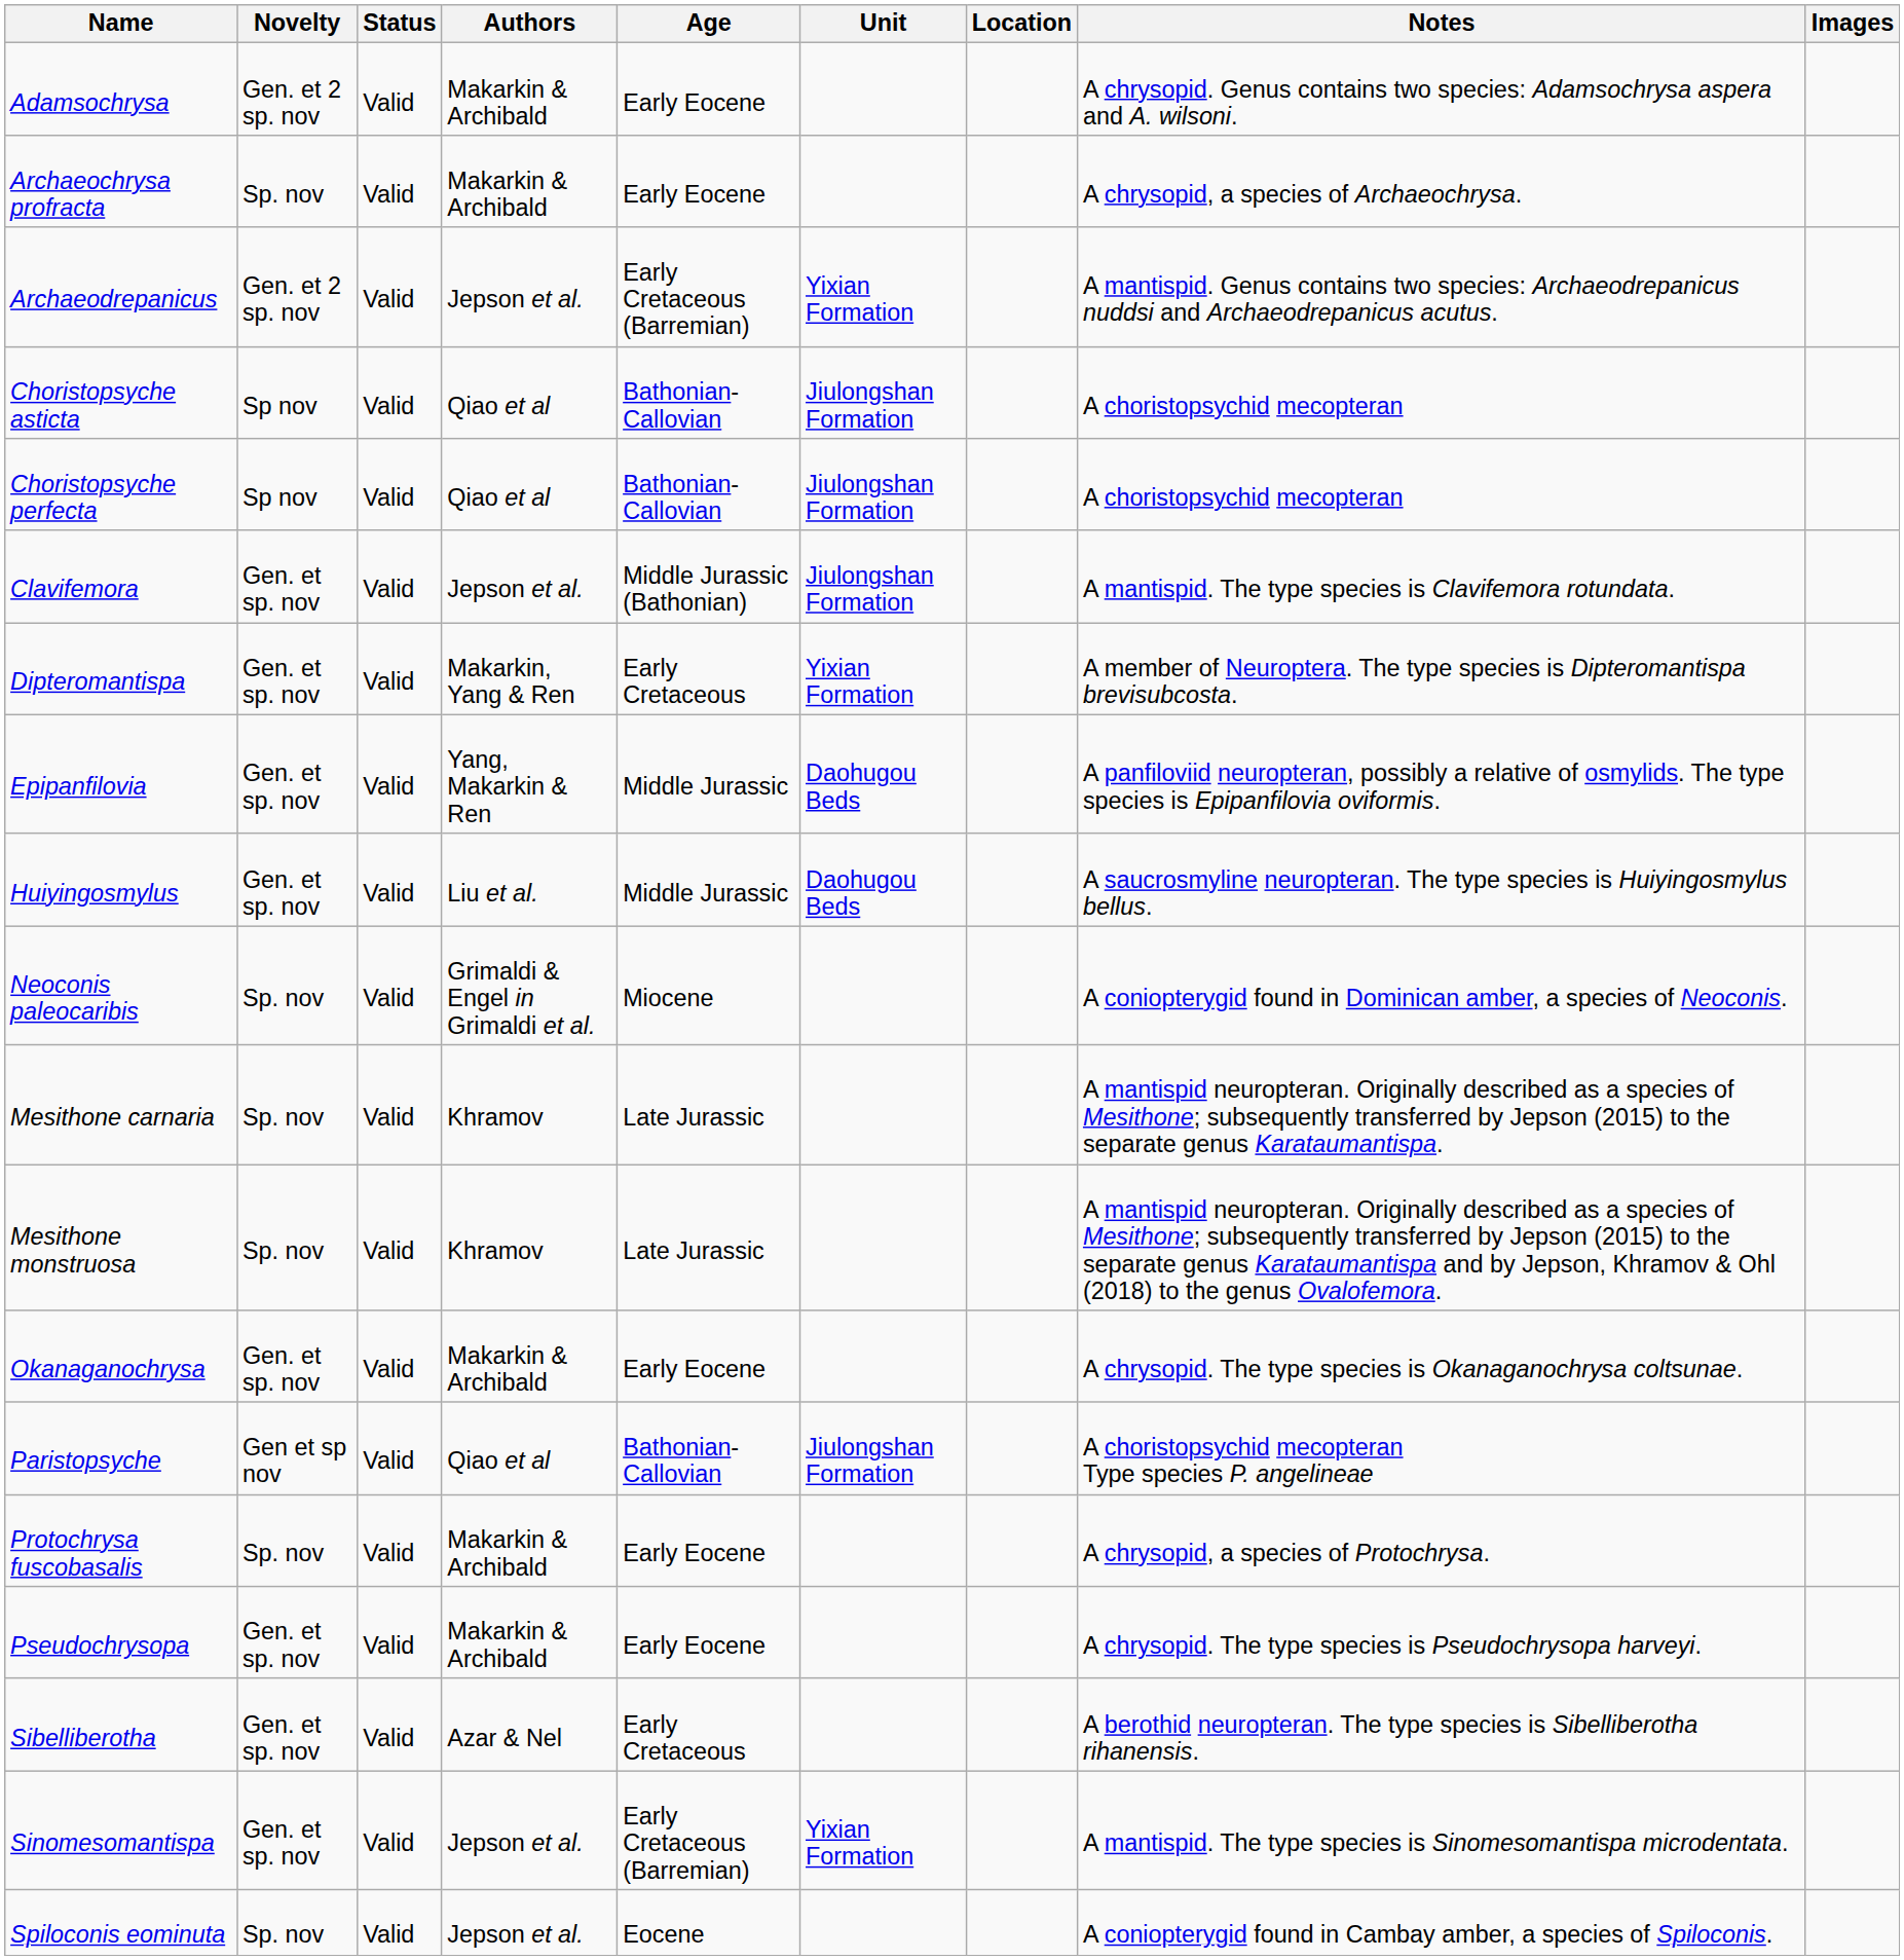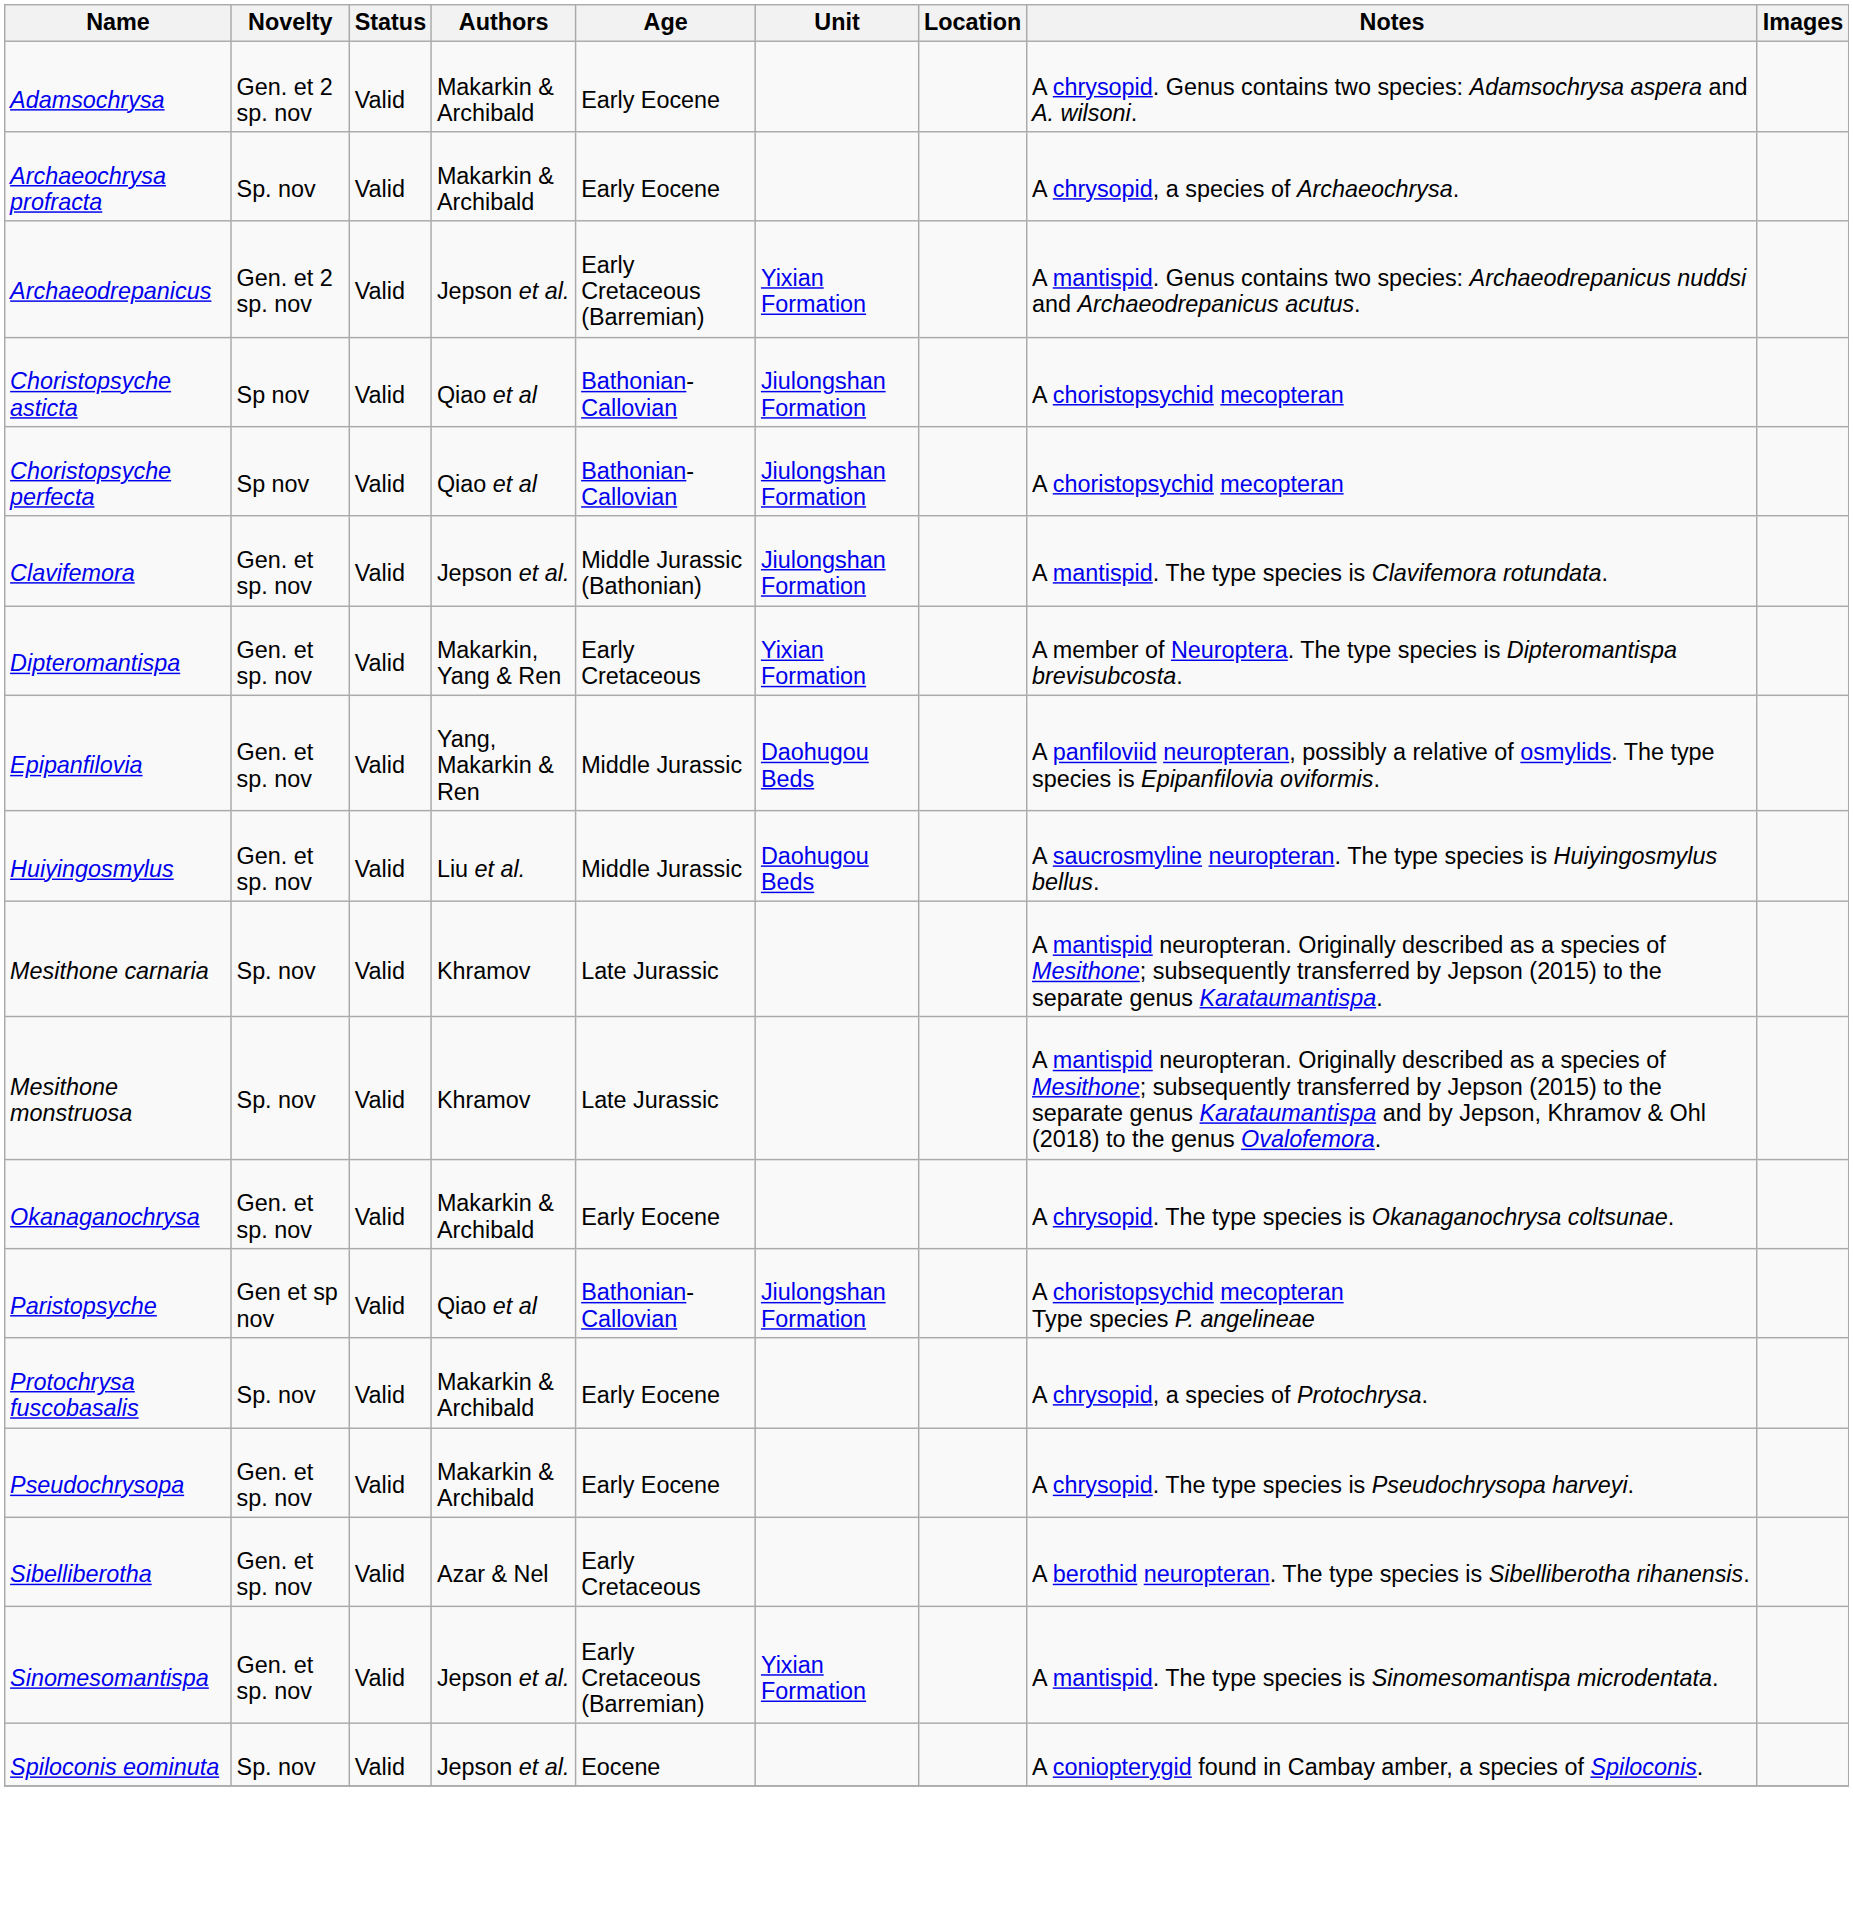 <table class="wikitable sortable" align="center" width="100%">
 <tr>
 <th>Name</th>
 <th>Novelty</th>
 <th>Status</th>
 <th>Authors</th>
 <th>Age</th>
 <th>Unit</th>
 <th>Location</th>
 <th>Notes</th>
 <th>Images</th>
 </tr>
 <tr>
 <td><br><em><a href='#'>Adamsochrysa</a></em></td>
 <td><br>Gen. et 2 sp. nov</td>
 <td><br>Valid</td>
 <td><br>Makarkin & Archibald</td>
 <td><br>Early Eocene</td>
 <td></td>
 <td><br><br> </td>
 <td><br>A <a href='#'>chrysopid</a>. Genus contains two species: <em>Adamsochrysa aspera</em> and <em>A. wilsoni</em>.</td>
 <td></td>
 </tr>
 <tr>
 <td><br><em><a href='#'>Archaeochrysa profracta</a></em></td>
 <td><br>Sp. nov</td>
 <td><br>Valid</td>
 <td><br>Makarkin & Archibald</td>
 <td><br>Early Eocene</td>
 <td></td>
 <td><br></td>
 <td><br>A <a href='#'>chrysopid</a>, a species of <em>Archaeochrysa</em>.</td>
 <td></td>
 </tr>
 <tr>
 <td><br><em><a href='#'>Archaeodrepanicus</a></em></td>
 <td><br>Gen. et 2 sp. nov</td>
 <td><br>Valid</td>
 <td><br>Jepson <em>et al.</em></td>
 <td><br>Early Cretaceous (Barremian)</td>
 <td><br><a href='#'>Yixian Formation</a></td>
 <td><br></td>
 <td><br>A <a href='#'>mantispid</a>. Genus contains two species: <em>Archaeodrepanicus nuddsi</em> and <em>Archaeodrepanicus acutus</em>.</td>
 <td></td>
 </tr>
 <tr>
 <td><br><em><a href='#'>Choristopsyche asticta</a></em></td>
 <td><br>Sp nov</td>
 <td><br>Valid</td>
 <td><br>Qiao <em>et al</em></td>
 <td><br><a href='#'>Bathonian</a>-<a href='#'>Callovian</a></td>
 <td><br><a href='#'>Jiulongshan Formation</a></td>
 <td><br><br></td>
 <td><br>A <a href='#'>choristopsychid</a> <a href='#'>mecopteran</a></td>
 <td></td>
 </tr>
 <tr>
 <td><br><em><a href='#'>Choristopsyche perfecta</a></em></td>
 <td><br>Sp nov</td>
 <td><br>Valid</td>
 <td><br>Qiao <em>et al</em></td>
 <td><br><a href='#'>Bathonian</a>-<a href='#'>Callovian</a></td>
 <td><br><a href='#'>Jiulongshan Formation</a></td>
 <td><br><br></td>
 <td><br>A <a href='#'>choristopsychid</a> <a href='#'>mecopteran</a></td>
 <td></td>
 </tr>
 <tr>
 <td><br><em><a href='#'>Clavifemora</a></em></td>
 <td><br>Gen. et sp. nov</td>
 <td><br>Valid</td>
 <td><br>Jepson <em>et al.</em></td>
 <td><br>Middle Jurassic (Bathonian)</td>
 <td><br><a href='#'>Jiulongshan Formation</a></td>
 <td><br></td>
 <td><br>A <a href='#'>mantispid</a>. The type species is <em>Clavifemora rotundata</em>.</td>
 <td></td>
 </tr>
 <tr>
 <td><br><em><a href='#'>Dipteromantispa</a></em></td>
 <td><br>Gen. et sp. nov</td>
 <td><br>Valid</td>
 <td><br>Makarkin, Yang & Ren</td>
 <td><br>Early Cretaceous</td>
 <td><br><a href='#'>Yixian Formation</a></td>
 <td><br></td>
 <td><br>A member of <a href='#'>Neuroptera</a>. The type species is <em>Dipteromantispa brevisubcosta</em>.</td>
 <td></td>
 </tr>
 <tr>
 <td><br><em><a href='#'>Epipanfilovia</a></em></td>
 <td><br>Gen. et sp. nov</td>
 <td><br>Valid</td>
 <td><br>Yang, Makarkin & Ren</td>
 <td><br>Middle Jurassic</td>
 <td><br><a href='#'>Daohugou Beds</a></td>
 <td><br></td>
 <td><br>A <a href='#'>panfiloviid</a> <a href='#'>neuropteran</a>, possibly a relative of <a href='#'>osmylids</a>. The type species is <em>Epipanfilovia oviformis</em>.</td>
 <td></td>
 </tr>
 <tr>
 <td><br><em><a href='#'>Huiyingosmylus</a></em></td>
 <td><br>Gen. et sp. nov</td>
 <td><br>Valid</td>
 <td><br>Liu <em>et al.</em></td>
 <td><br>Middle Jurassic</td>
 <td><br><a href='#'>Daohugou Beds</a></td>
 <td><br></td>
 <td><br>A <a href='#'>saucrosmyline</a> <a href='#'>neuropteran</a>. The type species is <em>Huiyingosmylus bellus</em>.</td>
 <td></td>
 </tr>
 <tr>
-<td><br><em><a href='#'>Neoconis paleocaribis</a></em></td>
-<td><br>Sp. nov</td>
-<td><br>Valid</td>
-<td><br>Grimaldi & Engel <em>in</em> Grimaldi <em>et al.</em></td>
-<td><br>Miocene</td>
-<td></td>
-<td><br></td>
-<td><br>A <a href='#'>coniopterygid</a> found in <a href='#'>Dominican amber</a>, a species of <em><a href='#'>Neoconis</a></em>.</td>
-<td></td>
-</tr>
-<tr>
 <td><br><em>Mesithone carnaria</em></td>
 <td><br>Sp. nov</td>
 <td><br>Valid</td>
 <td><br>Khramov</td>
 <td><br>Late Jurassic</td>
 <td></td>
 <td><br></td>
 <td><br>A <a href='#'>mantispid</a> neuropteran. Originally described as a species of <em><a href='#'>Mesithone</a></em>; subsequently transferred by Jepson (2015) to the separate genus <em><a href='#'>Karataumantispa</a></em>.</td>
 <td></td>
 </tr>
 <tr>
 <td><br><em>Mesithone monstruosa</em></td>
 <td><br>Sp. nov</td>
 <td><br>Valid</td>
 <td><br>Khramov</td>
 <td><br>Late Jurassic</td>
 <td></td>
 <td><br></td>
 <td><br>A <a href='#'>mantispid</a> neuropteran. Originally described as a species of <em><a href='#'>Mesithone</a></em>; subsequently transferred by Jepson (2015) to the separate genus <em><a href='#'>Karataumantispa</a></em> and by Jepson, Khramov & Ohl (2018) to the genus <em><a href='#'>Ovalofemora</a></em>.</td>
 <td></td>
 </tr>
 <tr>
 <td><br><em><a href='#'>Okanaganochrysa</a></em></td>
 <td><br>Gen. et sp. nov</td>
 <td><br>Valid</td>
 <td><br>Makarkin & Archibald</td>
 <td><br>Early Eocene</td>
 <td></td>
 <td><br></td>
 <td><br>A <a href='#'>chrysopid</a>. The type species is <em>Okanaganochrysa coltsunae</em>.</td>
 <td></td>
 </tr>
 <tr>
 <td><br><em><a href='#'>Paristopsyche</a></em></td>
 <td><br>Gen et sp nov</td>
 <td><br>Valid</td>
 <td><br>Qiao <em>et al</em></td>
 <td><br><a href='#'>Bathonian</a>-<a href='#'>Callovian</a></td>
 <td><br><a href='#'>Jiulongshan Formation</a></td>
 <td><br><br></td>
 <td><br>A <a href='#'>choristopsychid</a> <a href='#'>mecopteran</a><br> Type species <em>P. angelineae</em></td>
 <td><br></td>
 </tr>
 <tr>
 <td><br><em><a href='#'>Protochrysa fuscobasalis</a></em></td>
 <td><br>Sp. nov</td>
 <td><br>Valid</td>
 <td><br>Makarkin & Archibald</td>
 <td><br>Early Eocene</td>
 <td></td>
 <td><br></td>
 <td><br>A <a href='#'>chrysopid</a>, a species of <em>Protochrysa</em>.</td>
 <td></td>
 </tr>
 <tr>
 <td><br><em><a href='#'>Pseudochrysopa</a></em></td>
 <td><br>Gen. et sp. nov</td>
 <td><br>Valid</td>
 <td><br>Makarkin & Archibald</td>
 <td><br>Early Eocene</td>
 <td></td>
 <td><br></td>
 <td><br>A <a href='#'>chrysopid</a>. The type species is <em>Pseudochrysopa harveyi</em>.</td>
 <td></td>
 </tr>
 <tr>
 <td><br><em><a href='#'>Sibelliberotha</a></em></td>
 <td><br>Gen. et sp. nov</td>
 <td><br>Valid</td>
 <td><br>Azar & Nel</td>
 <td><br>Early Cretaceous</td>
 <td></td>
 <td><br></td>
 <td><br>A <a href='#'>berothid</a> <a href='#'>neuropteran</a>. The type species is <em>Sibelliberotha rihanensis</em>.</td>
 <td></td>
 </tr>
 <tr>
 <td><br><em><a href='#'>Sinomesomantispa</a></em></td>
 <td><br>Gen. et sp. nov</td>
 <td><br>Valid</td>
 <td><br>Jepson <em>et al.</em></td>
 <td><br>Early Cretaceous (Barremian)</td>
 <td><br><a href='#'>Yixian Formation</a></td>
 <td><br></td>
 <td><br>A <a href='#'>mantispid</a>. The type species is <em>Sinomesomantispa microdentata</em>.</td>
 <td></td>
 </tr>
 <tr>
 <td><br><em><a href='#'>Spiloconis eominuta</a></em></td>
 <td><br>Sp. nov</td>
 <td><br>Valid</td>
 <td><br>Jepson <em>et al.</em></td>
 <td><br>Eocene</td>
 <td></td>
 <td><br></td>
 <td><br>A <a href='#'>coniopterygid</a> found in Cambay amber, a species of <em><a href='#'>Spiloconis</a></em>.</td>
 <td></td>
 </tr>
 <tr>
 </tr>
 </table>
